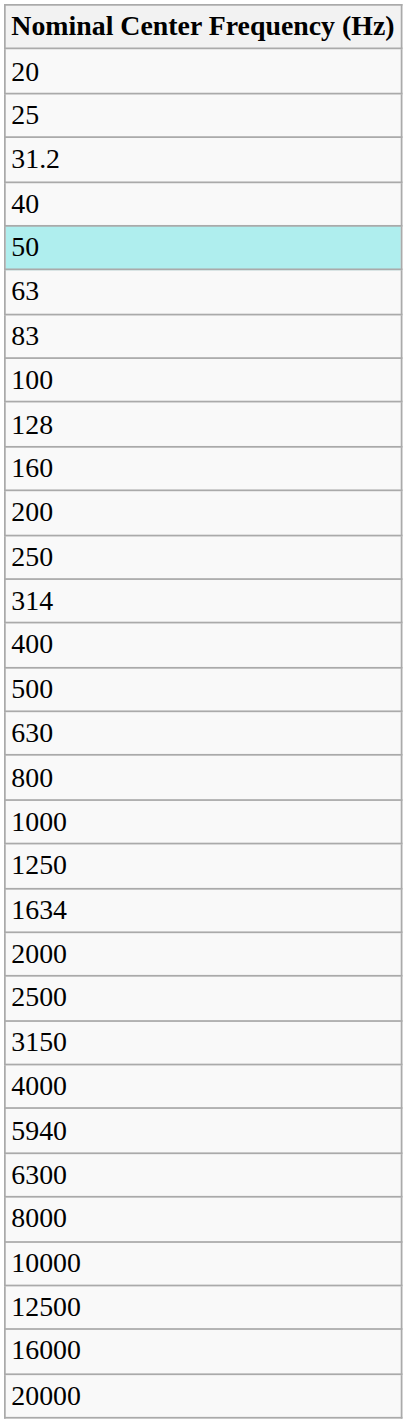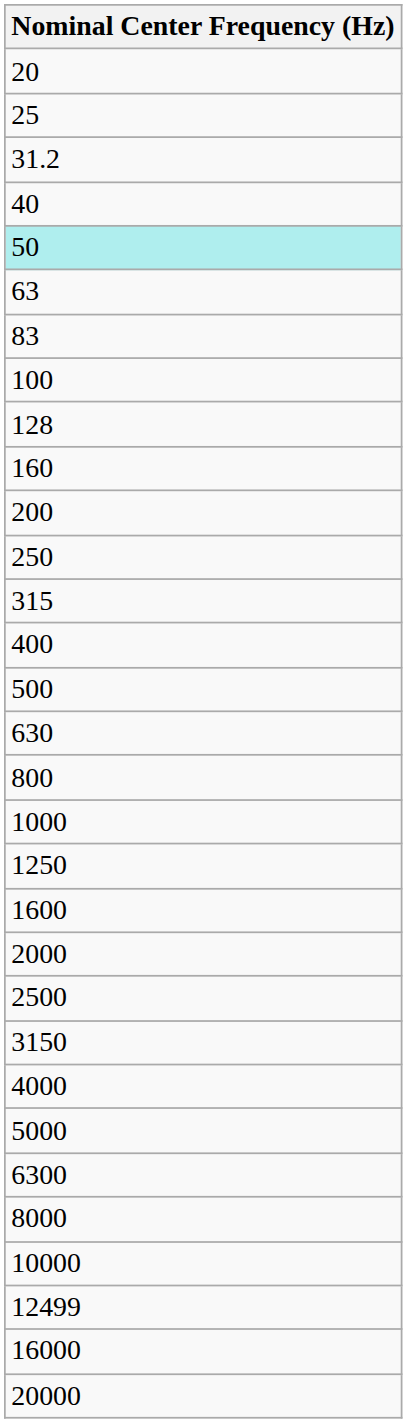 <table class="wikitable">
 <tr>
 <th>Nominal Center Frequency (Hz)</th>
 </tr>
 <tr>
 <td>20</td>
 </tr>
 <tr>
 <td>25</td>
 </tr>
 <tr>
 <td>31.2</td>
 </tr>
 <tr>
 <td>40</td>
 </tr>
 <tr>
 <td style="background: paleturquoise;">50</td>
 </tr>
 <tr>
 <td>63</td>
 </tr>
 <tr>
 <td>83</td>
 </tr>
 <tr>
 <td>100</td>
 </tr>
 <tr>
 <td>128</td>
 </tr>
 <tr>
 <td>160</td>
 </tr>
 <tr>
 <td>200</td>
 </tr>
 <tr>
 <td>250</td>
 </tr>
 <tr>
-<td>314</td>
+<td>315</td>
 </tr>
 <tr>
 <td>400</td>
 </tr>
 <tr>
 <td>500</td>
 </tr>
 <tr>
 <td>630</td>
 </tr>
 <tr>
 <td>800</td>
 </tr>
 <tr>
 <td>1000</td>
 </tr>
 <tr>
 <td>1250</td>
 </tr>
 <tr>
-<td>1634</td>
+<td>1600</td>
 </tr>
 <tr>
 <td>2000</td>
 </tr>
 <tr>
 <td>2500</td>
 </tr>
 <tr>
 <td>3150</td>
 </tr>
 <tr>
 <td>4000</td>
 </tr>
 <tr>
-<td>5940</td>
+<td>5000</td>
 </tr>
 <tr>
 <td>6300</td>
 </tr>
 <tr>
 <td>8000</td>
 </tr>
 <tr>
 <td>10000</td>
 </tr>
 <tr>
-<td>12500</td>
+<td>12499</td>
 </tr>
 <tr>
 <td>16000</td>
 </tr>
 <tr>
 <td>20000</td>
 </tr>
 </table>
